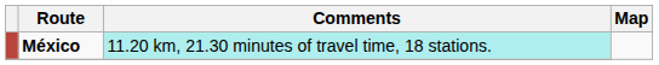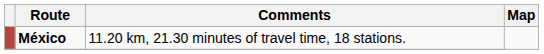 <table class="wikitable">
 <tr>
 <th></th>
 <th>Route</th>
 <th>Comments</th>
 <th>Map</th>
 </tr>
 <tr>
 <td width="2%" rowspan="1" bgcolor="#b8443b"> </td>
 <td><strong>México</strong></td>
-<td style="background: paleturquoise;">11.20 km, 21.30 minutes of travel time, 18 stations.</td>
+<td>11.20 km, 21.30 minutes of travel time, 18 stations.</td>
 <td width="5%" rowspan="3"></td>
 </tr>
 <tr>
 </tr>
 </table>
